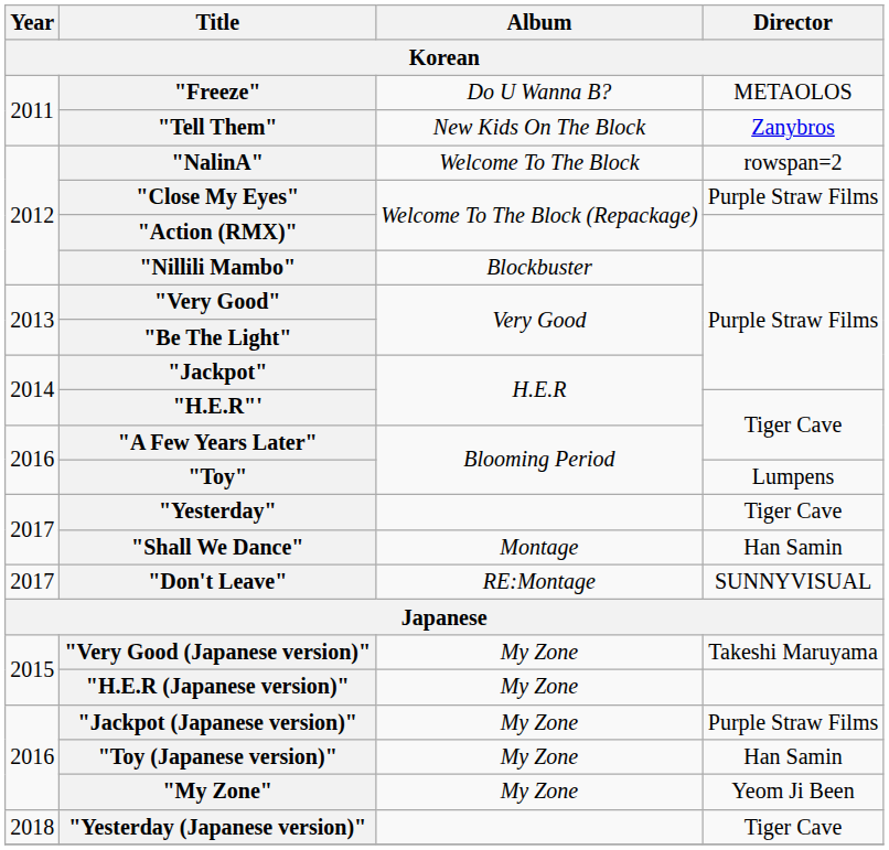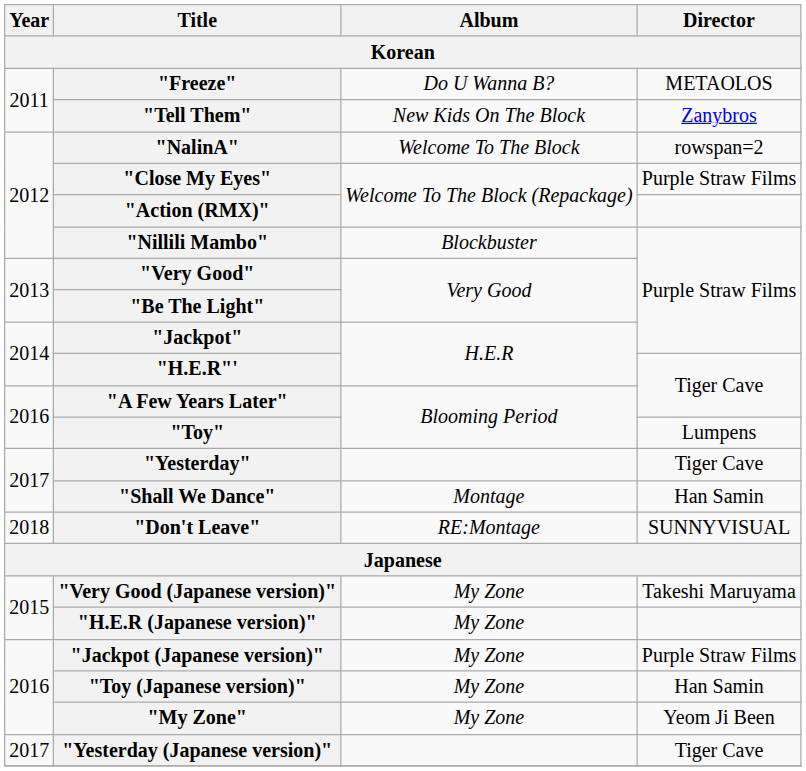 <table class="wikitable plainrowheaders" style="text-align:center; table-layout:fixed; margin-right:0">
 <tr>
 <th>Year</th>
 <th>Title</th>
 <th>Album</th>
 <th>Director</th>
 </tr>
 <tr>
 <th colspan="4">Korean</th>
 </tr>
 <tr>
 <td rowspan=2>2011</td>
 <th scope="row">"Freeze"</th>
 <td><em>Do U Wanna B?</em></td>
 <td>METAOLOS</td>
 </tr>
 <tr>
 <th scope="row">"Tell Them"</th>
 <td><em>New Kids On The Block</em></td>
 <td><a href='#'>Zanybros</a></td>
 </tr>
 <tr>
 <td rowspan=4>2012</td>
 <th scope="row">"NalinA"</th>
 <td><em>Welcome To The Block</em></td>
 <td>rowspan=2 </td>
 </tr>
 <tr>
 <th scope="row">"Close My Eyes"</th>
 <td rowspan=2><em>Welcome To The Block (Repackage)</em></td>
 <td>Purple Straw Films</td>
 </tr>
 <tr>
 <th scope="row">"Action (RMX)"</th>
 </tr>
 <tr>
 <th scope="row">"Nillili Mambo"</th>
 <td><em>Blockbuster</em></td>
 <td rowspan=4>Purple Straw Films</td>
 </tr>
 <tr>
 <td rowspan=2>2013</td>
 <th scope="row">"Very Good"</th>
 <td rowspan=2><em>Very Good</em></td>
 </tr>
 <tr>
 <th scope="row">"Be The Light"</th>
 </tr>
 <tr>
 <td rowspan=2>2014</td>
 <th scope="row">"Jackpot"</th>
 <td rowspan=2><em>H.E.R</em></td>
 </tr>
 <tr>
 <th scope="row">"H.E.R"'</th>
 <td rowspan=2>Tiger Cave</td>
 </tr>
 <tr>
 <td rowspan=2>2016</td>
 <th scope="row">"A Few Years Later"</th>
 <td rowspan=2><em>Blooming Period</em></td>
 </tr>
 <tr>
 <th scope="row">"Toy"</th>
 <td>Lumpens</td>
 </tr>
 <tr>
 <td rowspan=2>2017</td>
 <th scope="row">"Yesterday"</th>
 <td></td>
 <td>Tiger Cave</td>
 </tr>
 <tr>
 <th scope="row">"Shall We Dance"</th>
 <td><em>Montage</em></td>
 <td>Han Samin</td>
 </tr>
 <tr>
-<td rowspan=1>2017</td>
+<td rowspan=1>2018</td>
 <th scope="row">"Don't Leave"</th>
 <td><em>RE:Montage</em></td>
 <td>SUNNYVISUAL</td>
 </tr>
 <tr>
 <th colspan="4">Japanese</th>
 </tr>
 <tr>
 <td rowspan=2>2015</td>
 <th scope="row">"Very Good (Japanese version)"</th>
 <td><em>My Zone</em></td>
 <td>Takeshi Maruyama</td>
 </tr>
 <tr>
 <th scope="row">"H.E.R (Japanese version)"</th>
 <td><em>My Zone</em></td>
 <td></td>
 </tr>
 <tr>
 <td rowspan=3>2016</td>
 <th scope="row">"Jackpot (Japanese version)"</th>
 <td><em>My Zone</em></td>
 <td>Purple Straw Films</td>
 </tr>
 <tr>
 <th scope="row">"Toy (Japanese version)"</th>
 <td><em>My Zone</em></td>
 <td>Han Samin</td>
 </tr>
 <tr>
 <th scope="row">"My Zone"</th>
 <td><em>My Zone</em></td>
 <td>Yeom Ji Been</td>
 </tr>
 <tr>
-<td>2018</td>
+<td>2017</td>
 <th scope="row">"Yesterday (Japanese version)"</th>
 <td></td>
 <td>Tiger Cave</td>
 </tr>
 <tr>
 </tr>
 </table>
